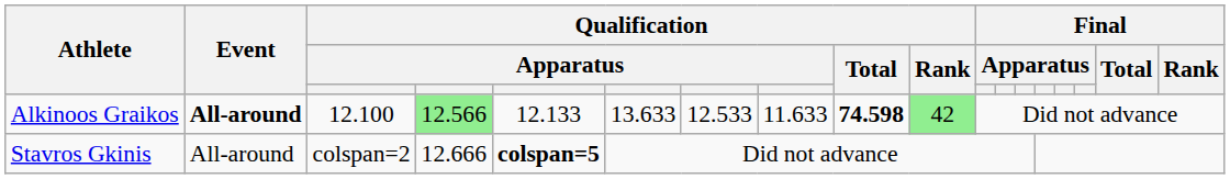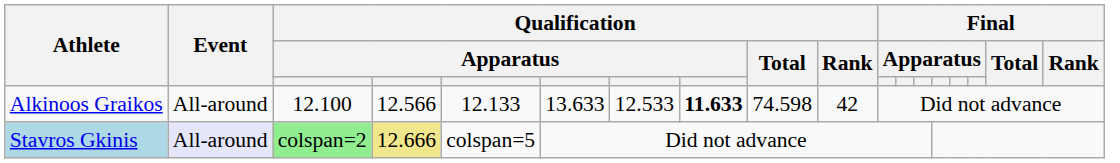 <table class="wikitable" style="font-size:90%; text-align:center">
 <tr>
 <th rowspan="3">Athlete</th>
 <th rowspan="3">Event</th>
 <th colspan="8">Qualification</th>
 <th colspan="8">Final</th>
 </tr>
 <tr>
 <th colspan="6">Apparatus</th>
 <th rowspan="2">Total</th>
 <th rowspan="2">Rank</th>
 <th colspan="6">Apparatus</th>
 <th rowspan="2">Total</th>
 <th rowspan="2">Rank</th>
 </tr>
 <tr>
 <th></th>
 <th></th>
 <th></th>
 <th></th>
 <th></th>
 <th></th>
 <th></th>
 <th></th>
 <th></th>
 <th></th>
 <th></th>
 <th></th>
 </tr>
 <tr>
 <td align="left"><a href='#'>Alkinoos Graikos</a></td>
-<td align="left"><strong>All-around</strong></td>
+<td align="left">All-around</td>
 <td>12.100</td>
-<td style="background: lightgreen;">12.566</td>
+<td>12.566</td>
 <td>12.133</td>
 <td>13.633</td>
 <td>12.533</td>
-<td>11.633</td>
-<td><strong>74.598</strong></td>
-<td style="background: lightgreen;">42</td>
+<td><strong>11.633</strong></td>
+<td>74.598</td>
+<td>42</td>
 <td colspan="8">Did not advance</td>
 </tr>
 <tr>
-<td align="left"><a href='#'>Stavros Gkinis</a></td>
-<td align="left">All-around</td>
-<td>colspan=2 </td>
-<td>12.666</td>
-<td><strong>colspan=5 </strong></td>
+<td align="left" style="background: lightblue;"><a href='#'>Stavros Gkinis</a></td>
+<td align="left" style="background: lavender;">All-around</td>
+<td style="background: lightgreen;">colspan=2 </td>
+<td style="background: khaki;">12.666</td>
+<td>colspan=5 </td>
 <td colspan="8">Did not advance</td>
 </tr>
 </table>
